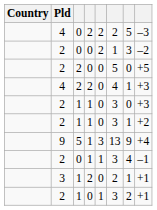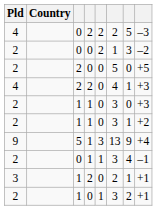 <table class="wikitable sortable" style="text-align:center;">
 <tr>
+<th>Pld</th>
 <th>Country</th>
-<th>Pld</th>
 <th></th>
 <th></th>
 <th></th>
 <th></th>
 <th></th>
 <th></th>
 </tr>
 <tr>
+<td>4</td>
 <td style="text-align:left;"></td>
-<td>4</td>
 <td>0</td>
 <td>2</td>
 <td>2</td>
 <td>2</td>
 <td>5</td>
 <td>–3</td>
 </tr>
 <tr>
+<td>2</td>
 <td style="text-align:left;"></td>
-<td>2</td>
 <td>0</td>
 <td>0</td>
 <td>2</td>
 <td>1</td>
 <td>3</td>
 <td>–2</td>
 </tr>
 <tr>
+<td>2</td>
 <td style="text-align:left;"></td>
-<td>2</td>
 <td>2</td>
 <td>0</td>
 <td>0</td>
 <td>5</td>
 <td>0</td>
 <td>+5</td>
 </tr>
 <tr>
+<td>4</td>
 <td style="text-align:left;"></td>
-<td>4</td>
 <td>2</td>
 <td>2</td>
 <td>0</td>
 <td>4</td>
 <td>1</td>
 <td>+3</td>
 </tr>
 <tr>
+<td>2</td>
 <td style="text-align:left;"></td>
-<td>2</td>
 <td>1</td>
 <td>1</td>
 <td>0</td>
 <td>3</td>
 <td>0</td>
 <td>+3</td>
 </tr>
 <tr>
+<td>2</td>
 <td style="text-align:left;"></td>
-<td>2</td>
 <td>1</td>
 <td>1</td>
 <td>0</td>
 <td>3</td>
 <td>1</td>
 <td>+2</td>
 </tr>
 <tr>
+<td>9</td>
 <td style="text-align:left;"></td>
-<td>9</td>
 <td>5</td>
 <td>1</td>
 <td>3</td>
 <td>13</td>
 <td>9</td>
 <td>+4</td>
 </tr>
 <tr>
+<td>2</td>
 <td style="text-align:left;"></td>
-<td>2</td>
 <td>0</td>
 <td>1</td>
 <td>1</td>
 <td>3</td>
 <td>4</td>
 <td>–1</td>
 </tr>
 <tr>
+<td>3</td>
 <td style="text-align:left;"></td>
-<td>3</td>
 <td>1</td>
 <td>2</td>
 <td>0</td>
 <td>2</td>
 <td>1</td>
 <td>+1</td>
 </tr>
 <tr>
+<td>2</td>
 <td style="text-align:left;"></td>
-<td>2</td>
 <td>1</td>
 <td>0</td>
 <td>1</td>
 <td>3</td>
 <td>2</td>
 <td>+1</td>
 </tr>
 </table>
